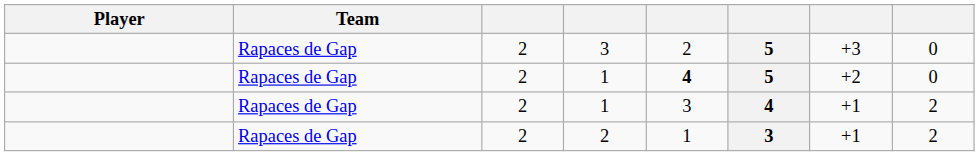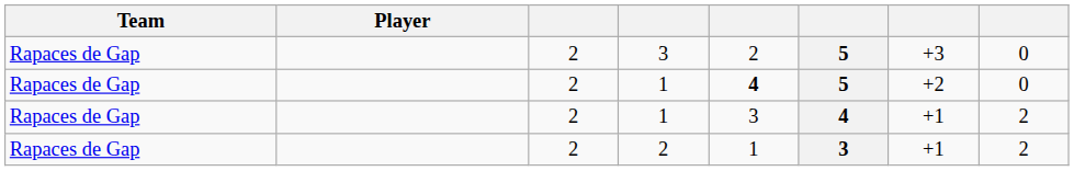 <table class="wikitable sortable" style="text-align: center">
 <tr>
+<th style="width: 13em;">Team</th>
 <th style="width: 12em;">Player</th>
-<th style="width: 13em;">Team</th>
 <th style="width: 4em;"></th>
 <th style="width: 4em;"></th>
 <th style="width: 4em;"></th>
 <th style="width: 4em;"></th>
 <th style="width: 4em;"></th>
 <th style="width: 4em;"></th>
 </tr>
 <tr>
+<td style="text-align:left;"><a href='#'>Rapaces de Gap</a></td>
 <td style="text-align:left;"> </td>
-<td style="text-align:left;"><a href='#'>Rapaces de Gap</a></td>
 <td>2</td>
 <td>3</td>
 <td>2</td>
 <th>5</th>
 <td>+3</td>
 <td>0</td>
 </tr>
 <tr>
+<td style="text-align:left;"><a href='#'>Rapaces de Gap</a></td>
 <td style="text-align:left;"> </td>
-<td style="text-align:left;"><a href='#'>Rapaces de Gap</a></td>
 <td>2</td>
 <td>1</td>
 <td><strong>4</strong></td>
 <th>5</th>
 <td>+2</td>
 <td>0</td>
 </tr>
 <tr>
+<td style="text-align:left;"><a href='#'>Rapaces de Gap</a></td>
 <td style="text-align:left;"></td>
-<td style="text-align:left;"><a href='#'>Rapaces de Gap</a></td>
 <td>2</td>
 <td>1</td>
 <td>3</td>
 <th>4</th>
 <td>+1</td>
 <td>2</td>
 </tr>
 <tr>
+<td style="text-align:left;"><a href='#'>Rapaces de Gap</a></td>
 <td style="text-align:left;"> </td>
-<td style="text-align:left;"><a href='#'>Rapaces de Gap</a></td>
 <td>2</td>
 <td>2</td>
 <td>1</td>
 <th>3</th>
 <td>+1</td>
 <td>2</td>
 </tr>
 </table>
